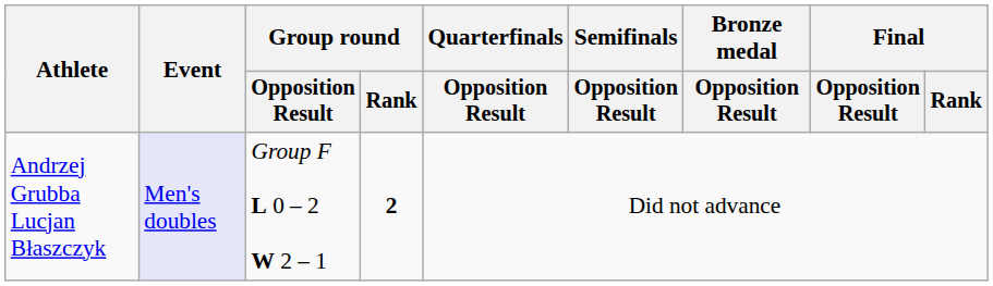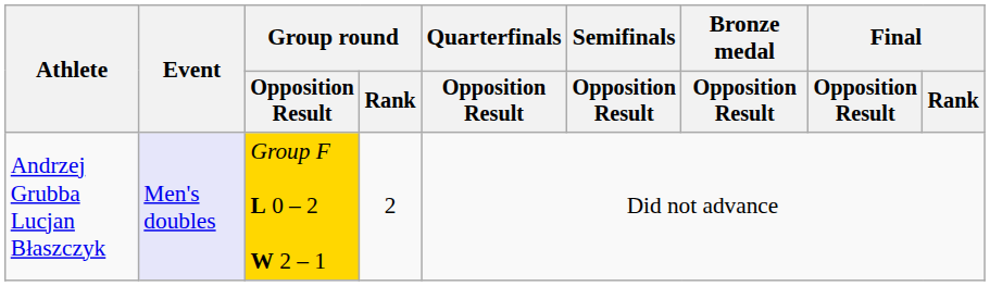 <table class="wikitable" style="font-size:90%;">
 <tr>
 <th rowspan="2">Athlete</th>
 <th rowspan="2">Event</th>
 <th colspan="2">Group round</th>
 <th>Quarterfinals</th>
 <th>Semifinals</th>
 <th>Bronze medal</th>
 <th colspan=2>Final</th>
 </tr>
 <tr style="font-size:95%">
 <th>Opposition<br>Result</th>
 <th>Rank</th>
 <th>Opposition<br>Result</th>
 <th>Opposition<br>Result</th>
 <th>Opposition<br>Result</th>
 <th>Opposition<br>Result</th>
 <th>Rank</th>
 </tr>
 <tr align=center>
 <td align=left><a href='#'>Andrzej Grubba</a><br><a href='#'>Lucjan Błaszczyk</a></td>
 <td align=left style="background: lavender;"><a href='#'>Men's doubles</a></td>
-<td align=left><em>Group F</em><br><br><strong>L</strong> 0 – 2<br><br><strong>W</strong> 2 – 1</td>
-<td><strong>2</strong></td>
+<td align=left style="background: gold;"><em>Group F</em><br><br><strong>L</strong> 0 – 2<br><br><strong>W</strong> 2 – 1</td>
+<td>2</td>
 <td colspan=6>Did not advance</td>
 </tr>
 </table>
